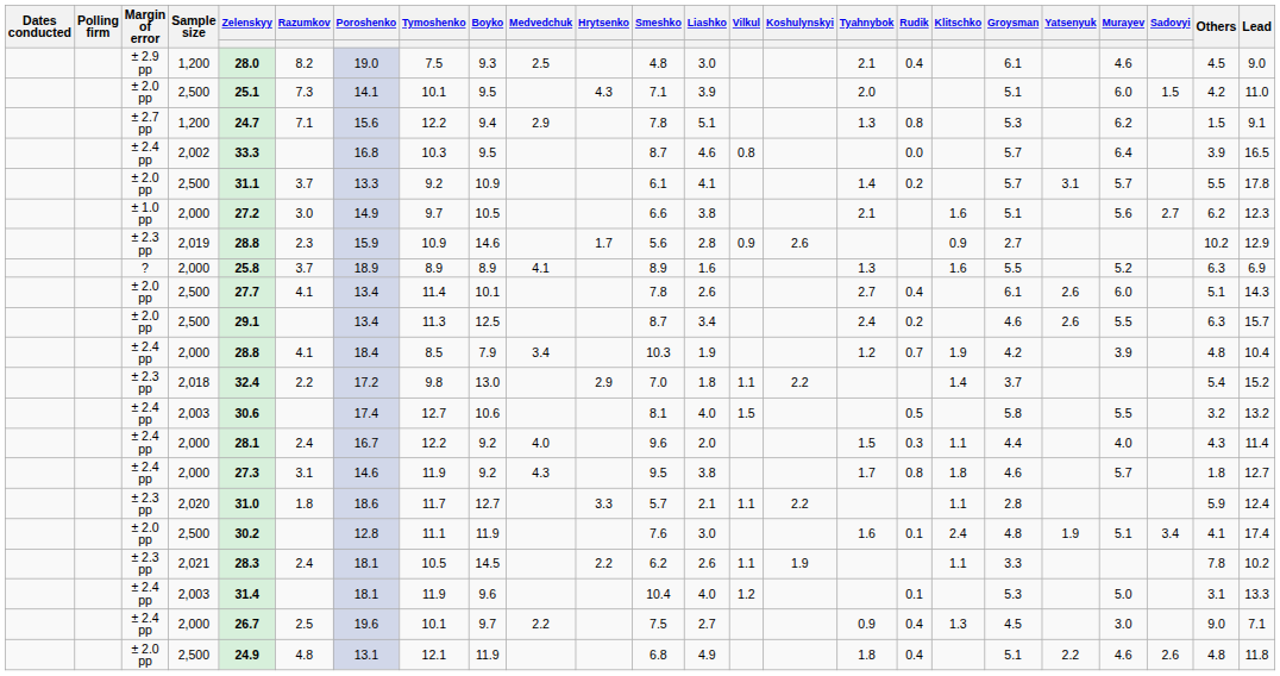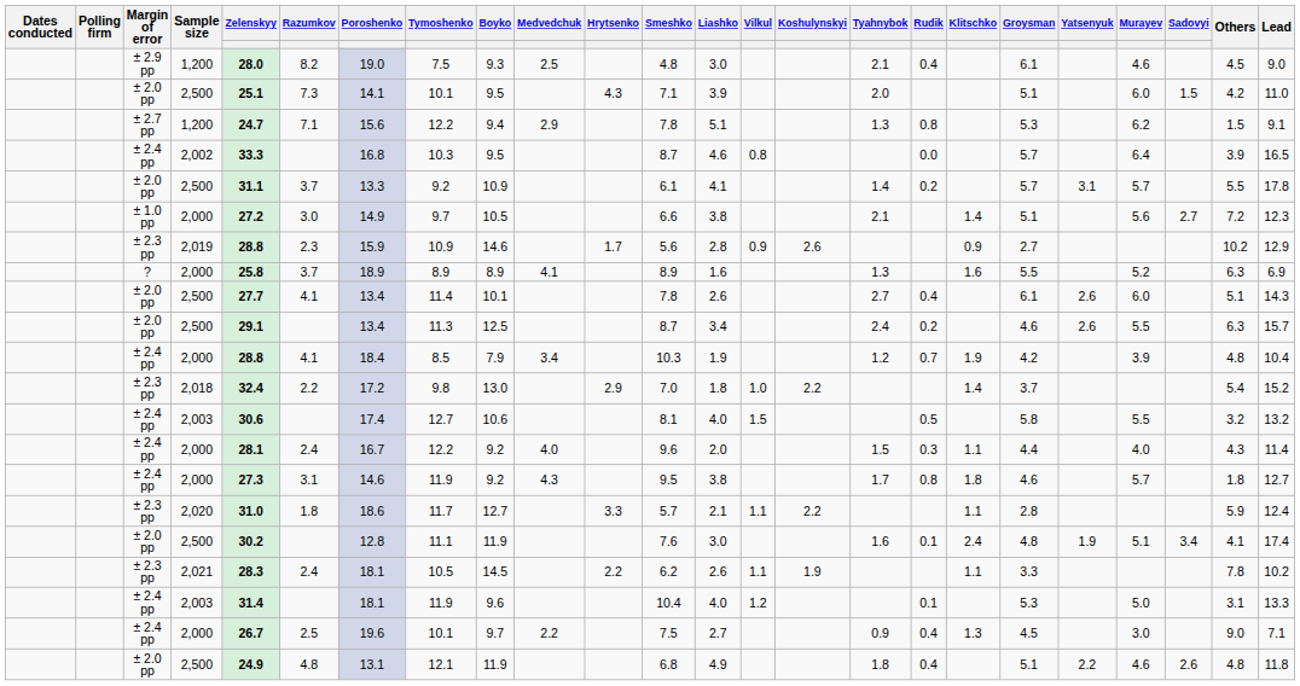 <table class="wikitable sortable mw-datatable mw-collapsible" style="text-align:center;font-size:90%;line-height:14px;">
 <tr style="height:40px;">
 <th rowspan="2">Dates<br>conducted</th>
 <th rowspan="2">Polling firm</th>
 <th rowspan="2">Margin<br>of error</th>
 <th rowspan="2">Sample<br>size</th>
 <th><small><a href='#'>Zelenskyy</a></small><br></th>
 <th><small><a href='#'>Razumkov</a></small><br></th>
 <th><small><a href='#'>Poroshenko</a></small><br></th>
 <th><small><a href='#'>Tymoshenko</a></small><br></th>
 <th><small><a href='#'>Boyko</a></small><br></th>
 <th><small><a href='#'>Medvedchuk</a></small><br></th>
 <th><small><a href='#'>Hrytsenko</a></small><br></th>
 <th><small><a href='#'>Smeshko</a></small><br></th>
 <th><small><a href='#'>Liashko</a></small><br></th>
 <th><small><a href='#'>Vilkul</a></small><br></th>
 <th><small><a href='#'>Koshulynskyi</a></small><br></th>
 <th><small><a href='#'>Tyahnybok</a></small><br></th>
 <th><small><a href='#'>Rudik</a></small><br></th>
 <th><small><a href='#'>Klitschko</a></small><br></th>
 <th><small><a href='#'>Groysman</a></small><br></th>
 <th><small><a href='#'>Yatsenyuk</a></small><br></th>
 <th><small><a href='#'>Murayev</a></small><br></th>
 <th><small><a href='#'>Sadovyi</a></small><br></th>
 <th rowspan="2" style="width:40px;">Others</th>
 <th rowspan="2" style="width:40px;">Lead</th>
 </tr>
 <tr>
 <th data-sort-type="number" style="background:"></th>
 <th data-sort-type="number" style="background:"></th>
 <th data-sort-type="number" style="background:"></th>
 <th data-sort-type="number" style="background:"></th>
 <th data-sort-type="number" style="background:"></th>
 <th data-sort-type="number" style="background:"></th>
 <th data-sort-type="number" style="background:"></th>
 <th data-sort-type="number" style="background:"></th>
 <th data-sort-type="number" style="background:"></th>
 <th data-sort-type="number" style="background:"></th>
 <th data-sort-type="number" style="background:"></th>
 <th data-sort-type="number" style="background:"></th>
 <th data-sort-type="number" style="background:"></th>
 <th data-sort-type="number" style="background:"></th>
 <th data-sort-type="number" style="background:"></th>
 <th data-sort-type="number" style="background:"></th>
 <th data-sort-type="number" style="background:"></th>
 <th data-sort-type="number" style="background:"></th>
 </tr>
 <tr>
 <td></td>
 <td></td>
 <td>± 2.9 pp</td>
 <td>1,200</td>
 <td style="background:#D7F0DB;"><strong>28.0</strong></td>
 <td>8.2</td>
 <td style="background:#D1D7E9;">19.0</td>
 <td>7.5</td>
 <td>9.3</td>
 <td>2.5</td>
 <td></td>
 <td>4.8</td>
 <td>3.0</td>
 <td></td>
 <td></td>
 <td>2.1</td>
 <td>0.4</td>
 <td></td>
 <td>6.1</td>
 <td></td>
 <td>4.6</td>
 <td></td>
 <td>4.5</td>
 <td style="background:">9.0</td>
 </tr>
 <tr>
 <td></td>
 <td></td>
 <td>± 2.0 pp</td>
 <td>2,500</td>
 <td style="background:#D7F0DB;"><strong>25.1</strong></td>
 <td>7.3</td>
 <td style="background:#D1D7E9;">14.1</td>
 <td>10.1</td>
 <td>9.5</td>
 <td></td>
 <td>4.3</td>
 <td>7.1</td>
 <td>3.9</td>
 <td></td>
 <td></td>
 <td>2.0</td>
 <td></td>
 <td></td>
 <td>5.1</td>
 <td></td>
 <td>6.0</td>
 <td>1.5</td>
 <td>4.2</td>
 <td style="background:">11.0</td>
 </tr>
 <tr>
 <td></td>
 <td></td>
 <td>± 2.7 pp</td>
 <td>1,200</td>
 <td style="background:#D7F0DB;"><strong>24.7</strong></td>
 <td>7.1</td>
 <td style="background:#D1D7E9;">15.6</td>
 <td>12.2</td>
 <td>9.4</td>
 <td>2.9</td>
 <td></td>
 <td>7.8</td>
 <td>5.1</td>
 <td></td>
 <td></td>
 <td>1.3</td>
 <td>0.8</td>
 <td></td>
 <td>5.3</td>
 <td></td>
 <td>6.2</td>
 <td></td>
 <td>1.5</td>
 <td style="background:">9.1</td>
 </tr>
 <tr>
 <td></td>
 <td></td>
 <td>± 2.4 pp</td>
 <td>2,002</td>
 <td style="background:#D7F0DB;"><strong>33.3</strong></td>
 <td></td>
 <td style="background:#D1D7E9;">16.8</td>
 <td>10.3</td>
 <td>9.5</td>
 <td></td>
 <td></td>
 <td>8.7</td>
 <td>4.6</td>
 <td>0.8</td>
 <td></td>
 <td></td>
 <td>0.0</td>
 <td></td>
 <td>5.7</td>
 <td></td>
 <td>6.4</td>
 <td></td>
 <td>3.9</td>
 <td style="background:">16.5</td>
 </tr>
 <tr>
 <td></td>
 <td></td>
 <td>± 2.0 pp</td>
 <td>2,500</td>
 <td style="background:#D7F0DB;"><strong>31.1</strong></td>
 <td>3.7</td>
 <td style="background:#D1D7E9;">13.3</td>
 <td>9.2</td>
 <td>10.9</td>
 <td></td>
 <td></td>
 <td>6.1</td>
 <td>4.1</td>
 <td></td>
 <td></td>
 <td>1.4</td>
 <td>0.2</td>
 <td></td>
 <td>5.7</td>
 <td>3.1</td>
 <td>5.7</td>
 <td></td>
 <td>5.5</td>
 <td style="background:">17.8</td>
 </tr>
 <tr>
 <td></td>
 <td></td>
 <td>± 1.0 pp</td>
 <td>2,000</td>
 <td style="background:#D7F0DB;"><strong>27.2</strong></td>
 <td>3.0</td>
 <td style="background:#D1D7E9;">14.9</td>
 <td>9.7</td>
 <td>10.5</td>
 <td></td>
 <td></td>
 <td>6.6</td>
 <td>3.8</td>
 <td></td>
 <td></td>
 <td>2.1</td>
 <td></td>
-<td>1.6</td>
+<td>1.4</td>
 <td>5.1</td>
 <td></td>
 <td>5.6</td>
 <td>2.7</td>
-<td>6.2</td>
+<td>7.2</td>
 <td style="background:">12.3</td>
 </tr>
 <tr>
 <td></td>
 <td></td>
 <td>± 2.3 pp</td>
 <td>2,019</td>
 <td style="background:#D7F0DB;"><strong>28.8</strong></td>
 <td>2.3</td>
 <td style="background:#D1D7E9;">15.9</td>
 <td>10.9</td>
 <td>14.6</td>
 <td></td>
 <td>1.7</td>
 <td>5.6</td>
 <td>2.8</td>
 <td>0.9</td>
 <td>2.6</td>
 <td></td>
 <td></td>
 <td>0.9</td>
 <td>2.7</td>
 <td></td>
 <td></td>
 <td></td>
 <td>10.2</td>
 <td style="background:">12.9</td>
 </tr>
 <tr>
 <td></td>
 <td></td>
 <td>?</td>
 <td>2,000</td>
 <td style="background:#D7F0DB;"><strong>25.8</strong></td>
 <td>3.7</td>
 <td style="background:#D1D7E9;">18.9</td>
 <td>8.9</td>
 <td>8.9</td>
 <td>4.1</td>
 <td></td>
 <td>8.9</td>
 <td>1.6</td>
 <td></td>
 <td></td>
 <td>1.3</td>
 <td></td>
 <td>1.6</td>
 <td>5.5</td>
 <td></td>
 <td>5.2</td>
 <td></td>
 <td>6.3</td>
 <td style="background:">6.9</td>
 </tr>
 <tr>
 <td></td>
 <td></td>
 <td>± 2.0 pp</td>
 <td>2,500</td>
 <td style="background:#D7F0DB;"><strong>27.7</strong></td>
 <td>4.1</td>
 <td style="background:#D1D7E9;">13.4</td>
 <td>11.4</td>
 <td>10.1</td>
 <td></td>
 <td></td>
 <td>7.8</td>
 <td>2.6</td>
 <td></td>
 <td></td>
 <td>2.7</td>
 <td>0.4</td>
 <td></td>
 <td>6.1</td>
 <td>2.6</td>
 <td>6.0</td>
 <td></td>
 <td>5.1</td>
 <td style="background:">14.3</td>
 </tr>
 <tr>
 <td></td>
 <td></td>
 <td>± 2.0 pp</td>
 <td>2,500</td>
 <td style="background:#D7F0DB;"><strong>29.1</strong></td>
 <td></td>
 <td style="background:#D1D7E9;">13.4</td>
 <td>11.3</td>
 <td>12.5</td>
 <td></td>
 <td></td>
 <td>8.7</td>
 <td>3.4</td>
 <td></td>
 <td></td>
 <td>2.4</td>
 <td>0.2</td>
 <td></td>
 <td>4.6</td>
 <td>2.6</td>
 <td>5.5</td>
 <td></td>
 <td>6.3</td>
 <td style="background:">15.7</td>
 </tr>
 <tr>
 <td></td>
 <td></td>
 <td>± 2.4 pp</td>
 <td>2,000</td>
 <td style="background:#D7F0DB;"><strong>28.8</strong></td>
 <td>4.1</td>
 <td style="background:#D1D7E9;">18.4</td>
 <td>8.5</td>
 <td>7.9</td>
 <td>3.4</td>
 <td></td>
 <td>10.3</td>
 <td>1.9</td>
 <td></td>
 <td></td>
 <td>1.2</td>
 <td>0.7</td>
 <td>1.9</td>
 <td>4.2</td>
 <td></td>
 <td>3.9</td>
 <td></td>
 <td>4.8</td>
 <td style="background:">10.4</td>
 </tr>
 <tr>
 <td></td>
 <td></td>
 <td>± 2.3 pp</td>
 <td>2,018</td>
 <td style="background:#D7F0DB;"><strong>32.4</strong></td>
 <td>2.2</td>
 <td style="background:#D1D7E9;">17.2</td>
 <td>9.8</td>
 <td>13.0</td>
 <td></td>
 <td>2.9</td>
 <td>7.0</td>
 <td>1.8</td>
-<td>1.1</td>
+<td>1.0</td>
 <td>2.2</td>
 <td></td>
 <td></td>
 <td>1.4</td>
 <td>3.7</td>
 <td></td>
 <td></td>
 <td></td>
 <td>5.4</td>
 <td style="background:">15.2</td>
 </tr>
 <tr>
 <td></td>
 <td></td>
 <td>± 2.4 pp</td>
 <td>2,003</td>
 <td style="background:#D7F0DB;"><strong>30.6</strong></td>
 <td></td>
 <td style="background:#D1D7E9;">17.4</td>
 <td>12.7</td>
 <td>10.6</td>
 <td></td>
 <td></td>
 <td>8.1</td>
 <td>4.0</td>
 <td>1.5</td>
 <td></td>
 <td></td>
 <td>0.5</td>
 <td></td>
 <td>5.8</td>
 <td></td>
 <td>5.5</td>
 <td></td>
 <td>3.2</td>
 <td style="background:">13.2</td>
 </tr>
 <tr>
 <td></td>
 <td></td>
 <td>± 2.4 pp</td>
 <td>2,000</td>
 <td style="background:#D7F0DB;"><strong>28.1</strong></td>
 <td>2.4</td>
 <td style="background:#D1D7E9;">16.7</td>
 <td>12.2</td>
 <td>9.2</td>
 <td>4.0</td>
 <td></td>
 <td>9.6</td>
 <td>2.0</td>
 <td></td>
 <td></td>
 <td>1.5</td>
 <td>0.3</td>
 <td>1.1</td>
 <td>4.4</td>
 <td></td>
 <td>4.0</td>
 <td></td>
 <td>4.3</td>
 <td style="background:">11.4</td>
 </tr>
 <tr>
 <td></td>
 <td></td>
 <td>± 2.4 pp</td>
 <td>2,000</td>
 <td style="background:#D7F0DB;"><strong>27.3</strong></td>
 <td>3.1</td>
 <td style="background:#D1D7E9;">14.6</td>
 <td>11.9</td>
 <td>9.2</td>
 <td>4.3</td>
 <td></td>
 <td>9.5</td>
 <td>3.8</td>
 <td></td>
 <td></td>
 <td>1.7</td>
 <td>0.8</td>
 <td>1.8</td>
 <td>4.6</td>
 <td></td>
 <td>5.7</td>
 <td></td>
 <td>1.8</td>
 <td style="background:">12.7</td>
 </tr>
 <tr>
 <td></td>
 <td></td>
 <td>± 2.3 pp</td>
 <td>2,020</td>
 <td style="background:#D7F0DB;"><strong>31.0</strong></td>
 <td>1.8</td>
 <td style="background:#D1D7E9;">18.6</td>
 <td>11.7</td>
 <td>12.7</td>
 <td></td>
 <td>3.3</td>
 <td>5.7</td>
 <td>2.1</td>
 <td>1.1</td>
 <td>2.2</td>
 <td></td>
 <td></td>
 <td>1.1</td>
 <td>2.8</td>
 <td></td>
 <td></td>
 <td></td>
 <td>5.9</td>
 <td style="background:">12.4</td>
 </tr>
 <tr>
 <td></td>
 <td></td>
 <td>± 2.0 pp</td>
 <td>2,500</td>
 <td style="background:#D7F0DB;"><strong>30.2</strong></td>
 <td></td>
 <td style="background:#D1D7E9;">12.8</td>
 <td>11.1</td>
 <td>11.9</td>
 <td></td>
 <td></td>
 <td>7.6</td>
 <td>3.0</td>
 <td></td>
 <td></td>
 <td>1.6</td>
 <td>0.1</td>
 <td>2.4</td>
 <td>4.8</td>
 <td>1.9</td>
 <td>5.1</td>
 <td>3.4</td>
 <td>4.1</td>
 <td style="background:">17.4</td>
 </tr>
 <tr>
 <td></td>
 <td></td>
 <td>± 2.3 pp</td>
 <td>2,021</td>
 <td style="background:#D7F0DB;"><strong>28.3</strong></td>
 <td>2.4</td>
 <td style="background:#D1D7E9;">18.1</td>
 <td>10.5</td>
 <td>14.5</td>
 <td></td>
 <td>2.2</td>
 <td>6.2</td>
 <td>2.6</td>
 <td>1.1</td>
 <td>1.9</td>
 <td></td>
 <td></td>
 <td>1.1</td>
 <td>3.3</td>
 <td></td>
 <td></td>
 <td></td>
 <td>7.8</td>
 <td style="background:">10.2</td>
 </tr>
 <tr>
 <td></td>
 <td></td>
 <td>± 2.4 pp</td>
 <td>2,003</td>
 <td style="background:#D7F0DB;"><strong>31.4</strong></td>
 <td></td>
 <td style="background:#D1D7E9;">18.1</td>
 <td>11.9</td>
 <td>9.6</td>
 <td></td>
 <td></td>
 <td>10.4</td>
 <td>4.0</td>
 <td>1.2</td>
 <td></td>
 <td></td>
 <td>0.1</td>
 <td></td>
 <td>5.3</td>
 <td></td>
 <td>5.0</td>
 <td></td>
 <td>3.1</td>
 <td style="background:">13.3</td>
 </tr>
 <tr>
 <td></td>
 <td></td>
 <td>± 2.4 pp</td>
 <td>2,000</td>
 <td style="background:#D7F0DB;"><strong>26.7</strong></td>
 <td>2.5</td>
 <td style="background:#D1D7E9;">19.6</td>
 <td>10.1</td>
 <td>9.7</td>
 <td>2.2</td>
 <td></td>
 <td>7.5</td>
 <td>2.7</td>
 <td></td>
 <td></td>
 <td>0.9</td>
 <td>0.4</td>
 <td>1.3</td>
 <td>4.5</td>
 <td></td>
 <td>3.0</td>
 <td></td>
 <td>9.0</td>
 <td style="background:">7.1</td>
 </tr>
 <tr>
 <td></td>
 <td></td>
 <td>± 2.0 pp</td>
 <td>2,500</td>
 <td style="background:#D7F0DB;"><strong>24.9</strong></td>
 <td>4.8</td>
 <td style="background:#D1D7E9;">13.1</td>
 <td>12.1</td>
 <td>11.9</td>
 <td></td>
 <td></td>
 <td>6.8</td>
 <td>4.9</td>
 <td></td>
 <td></td>
 <td>1.8</td>
 <td>0.4</td>
 <td></td>
 <td>5.1</td>
 <td>2.2</td>
 <td>4.6</td>
 <td>2.6</td>
 <td>4.8</td>
 <td style="background:">11.8</td>
 </tr>
 </table>
